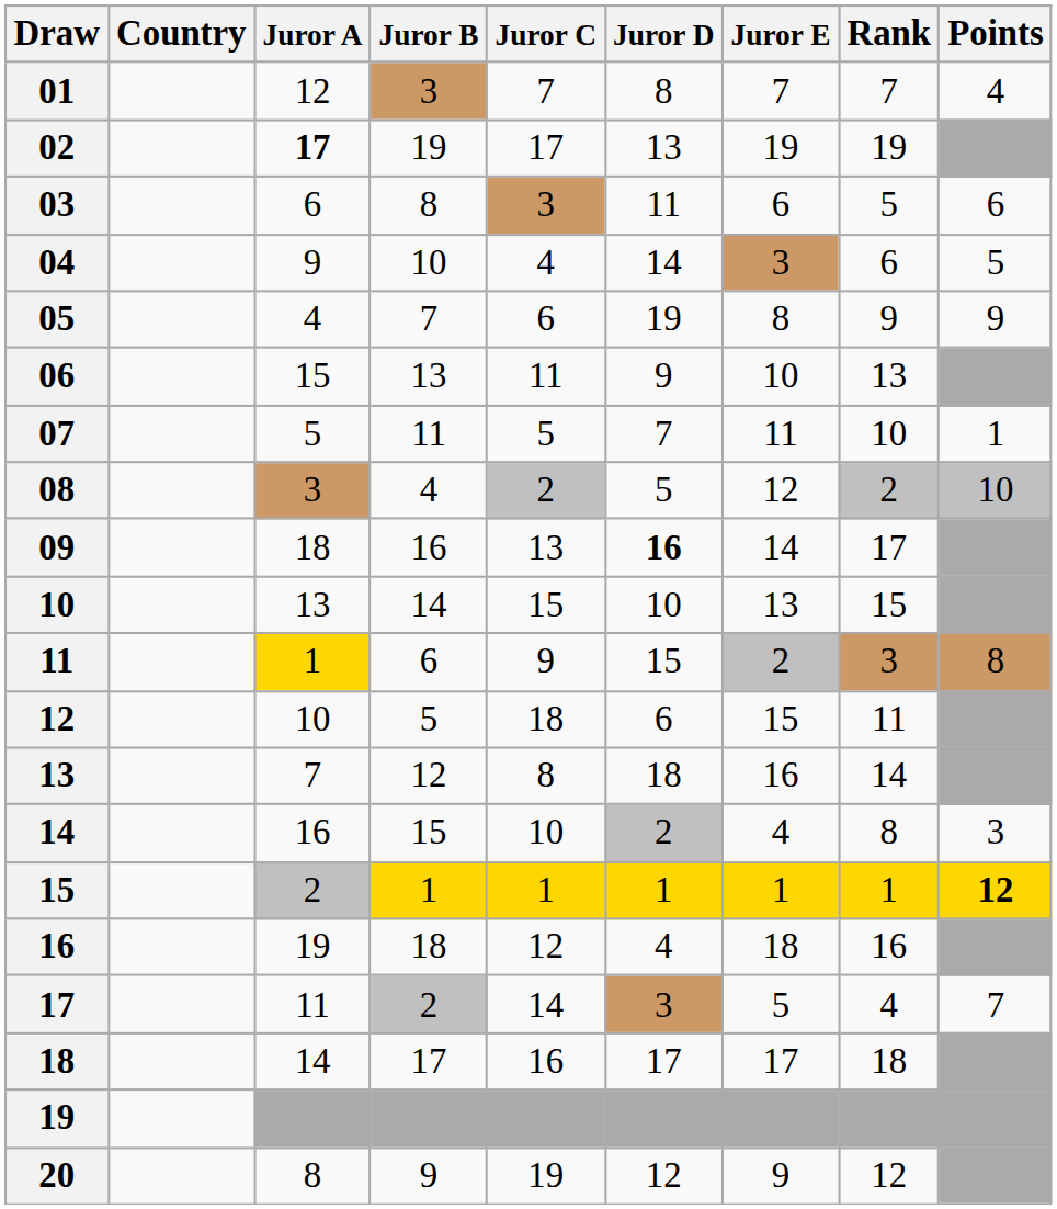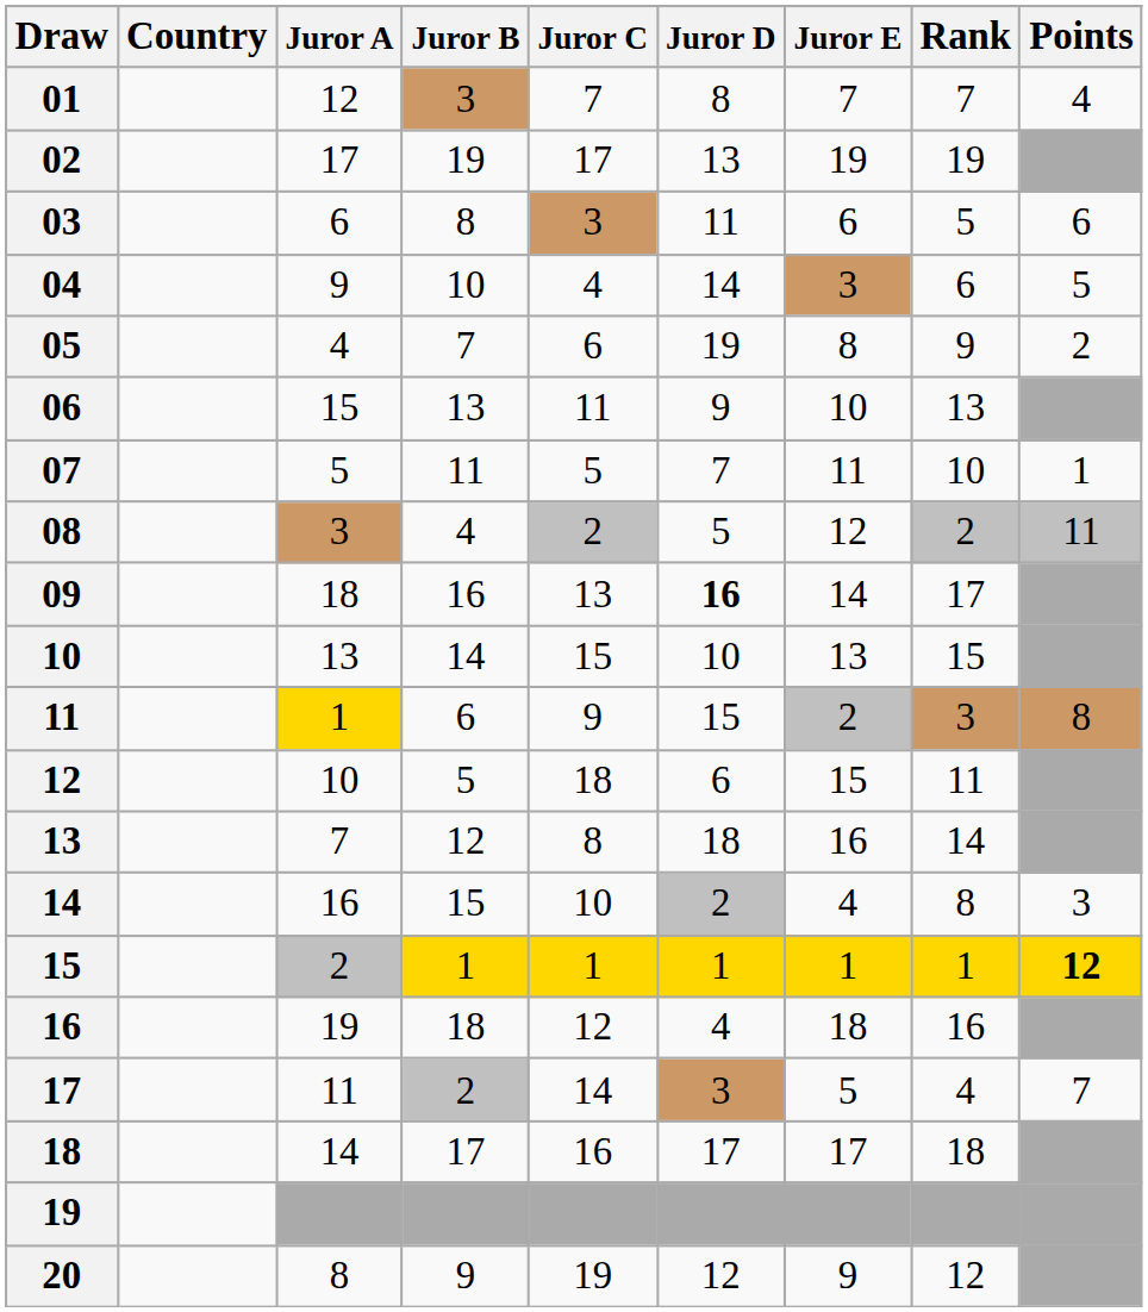 <table class="sortable wikitable collapsible plainrowheaders" style="text-align:center;">
 <tr>
 </tr>
 <tr>
 <th scope="col">Draw</th>
 <th scope="col">Country</th>
 <th scope="col"><small>Juror A</small></th>
 <th scope="col"><small>Juror B</small></th>
 <th scope="col"><small>Juror C</small></th>
 <th scope="col"><small>Juror D</small></th>
 <th scope="col"><small>Juror E</small></th>
 <th scope="col">Rank</th>
 <th scope="col">Points</th>
 </tr>
 <tr>
 <th scope="row" style="text-align:center;">01</th>
 <td style="text-align:left;"></td>
 <td>12</td>
 <td style="background:#CC9966;">3</td>
 <td>7</td>
 <td>8</td>
 <td>7</td>
 <td>7</td>
 <td>4</td>
 </tr>
 <tr>
 <th scope="row" style="text-align:center;">02</th>
 <td style="text-align:left;"></td>
-<td><strong>17</strong></td>
+<td>17</td>
 <td>19</td>
 <td>17</td>
 <td>13</td>
 <td>19</td>
 <td>19</td>
 <td style="background:#AAAAAA;"></td>
 </tr>
 <tr>
 <th scope="row" style="text-align:center;">03</th>
 <td style="text-align:left;"></td>
 <td>6</td>
 <td>8</td>
 <td style="background:#CC9966;">3</td>
 <td>11</td>
 <td>6</td>
 <td>5</td>
 <td>6</td>
 </tr>
 <tr>
 <th scope="row" style="text-align:center;">04</th>
 <td style="text-align:left;"></td>
 <td>9</td>
 <td>10</td>
 <td>4</td>
 <td>14</td>
 <td style="background:#CC9966;">3</td>
 <td>6</td>
 <td>5</td>
 </tr>
 <tr>
 <th scope="row" style="text-align:center;">05</th>
 <td style="text-align:left;"></td>
 <td>4</td>
 <td>7</td>
 <td>6</td>
 <td>19</td>
 <td>8</td>
 <td>9</td>
-<td>9</td>
+<td>2</td>
 </tr>
 <tr>
 <th scope="row" style="text-align:center;">06</th>
 <td style="text-align:left;"></td>
 <td>15</td>
 <td>13</td>
 <td>11</td>
 <td>9</td>
 <td>10</td>
 <td>13</td>
 <td style="background:#AAAAAA;"></td>
 </tr>
 <tr>
 <th scope="row" style="text-align:center;">07</th>
 <td style="text-align:left;"></td>
 <td>5</td>
 <td>11</td>
 <td>5</td>
 <td>7</td>
 <td>11</td>
 <td>10</td>
 <td>1</td>
 </tr>
 <tr>
 <th scope="row" style="text-align:center;">08</th>
 <td style="text-align:left;"></td>
 <td style="background:#CC9966;">3</td>
 <td>4</td>
 <td style="background:silver;">2</td>
 <td>5</td>
 <td>12</td>
 <td style="background:silver;">2</td>
-<td style="background:silver;">10</td>
+<td style="background:silver;">11</td>
 </tr>
 <tr>
 <th scope="row" style="text-align:center;">09</th>
 <td style="text-align:left;"></td>
 <td>18</td>
 <td>16</td>
 <td>13</td>
 <td><strong>16</strong></td>
 <td>14</td>
 <td>17</td>
 <td style="background:#AAAAAA;"></td>
 </tr>
 <tr>
 <th scope="row" style="text-align:center;">10</th>
 <td style="text-align:left;"></td>
 <td>13</td>
 <td>14</td>
 <td>15</td>
 <td>10</td>
 <td>13</td>
 <td>15</td>
 <td style="background:#AAAAAA;"></td>
 </tr>
 <tr>
 <th scope="row" style="text-align:center;">11</th>
 <td style="text-align:left;"></td>
 <td style="background:gold;">1</td>
 <td>6</td>
 <td>9</td>
 <td>15</td>
 <td style="background:silver;">2</td>
 <td style="background:#CC9966;">3</td>
 <td style="background:#CC9966;">8</td>
 </tr>
 <tr>
 <th scope="row" style="text-align:center;">12</th>
 <td style="text-align:left;"></td>
 <td>10</td>
 <td>5</td>
 <td>18</td>
 <td>6</td>
 <td>15</td>
 <td>11</td>
 <td style="background:#AAAAAA;"></td>
 </tr>
 <tr>
 <th scope="row" style="text-align:center;">13</th>
 <td style="text-align:left;"></td>
 <td>7</td>
 <td>12</td>
 <td>8</td>
 <td>18</td>
 <td>16</td>
 <td>14</td>
 <td style="background:#AAAAAA;"></td>
 </tr>
 <tr>
 <th scope="row" style="text-align:center;">14</th>
 <td style="text-align:left;"></td>
 <td>16</td>
 <td>15</td>
 <td>10</td>
 <td style="background:silver;">2</td>
 <td>4</td>
 <td>8</td>
 <td>3</td>
 </tr>
 <tr>
 <th scope="row" style="text-align:center;">15</th>
 <td style="text-align:left;"></td>
 <td style="background:silver;">2</td>
 <td style="background:gold;">1</td>
 <td style="background:gold;">1</td>
 <td style="background:gold;">1</td>
 <td style="background:gold;">1</td>
 <td style="background:gold;">1</td>
 <td style="background:gold;"><strong>12</strong></td>
 </tr>
 <tr>
 <th scope="row" style="text-align:center;">16</th>
 <td style="text-align:left;"></td>
 <td>19</td>
 <td>18</td>
 <td>12</td>
 <td>4</td>
 <td>18</td>
 <td>16</td>
 <td style="background:#AAAAAA;"></td>
 </tr>
 <tr>
 <th scope="row" style="text-align:center;">17</th>
 <td style="text-align:left;"></td>
 <td>11</td>
 <td style="background:silver;">2</td>
 <td>14</td>
 <td style="background:#CC9966;">3</td>
 <td>5</td>
 <td>4</td>
 <td>7</td>
 </tr>
 <tr>
 <th scope="row" style="text-align:center;">18</th>
 <td style="text-align:left;"></td>
 <td>14</td>
 <td>17</td>
 <td>16</td>
 <td>17</td>
 <td>17</td>
 <td>18</td>
 <td style="background:#AAAAAA;"></td>
 </tr>
 <tr class="sortbottom">
 <th scope="row" style="text-align:center;">19</th>
 <td style="text-align:left;"></td>
 <td style="background:#AAAAAA;"></td>
 <td style="background:#AAAAAA;"></td>
 <td style="background:#AAAAAA;"></td>
 <td style="background:#AAAAAA;"></td>
 <td style="background:#AAAAAA;"></td>
 <td style="background:#AAAAAA;"></td>
 <td style="background:#AAAAAA;"></td>
 </tr>
 <tr>
 <th scope="row" style="text-align:center;">20</th>
 <td style="text-align:left;"></td>
 <td>8</td>
 <td>9</td>
 <td>19</td>
 <td>12</td>
 <td>9</td>
 <td>12</td>
 <td style="background:#AAAAAA;"></td>
 </tr>
 </table>
